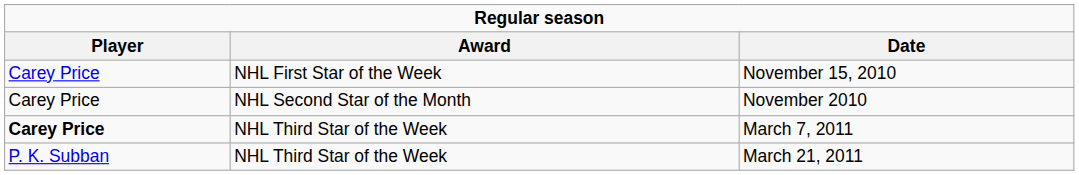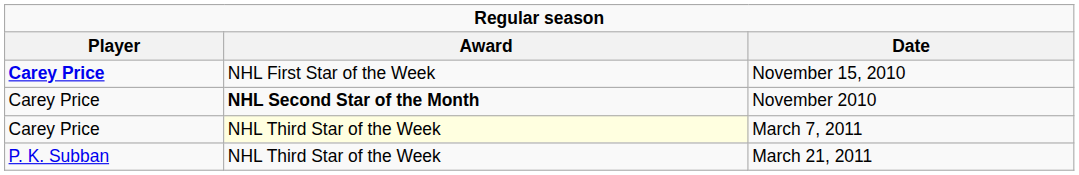 <table class="wikitable" style="width:62%;">
 <tr>
 <td colspan="10" style="text-align:center;"><strong>Regular season</strong></td>
 </tr>
 <tr>
 <th>Player</th>
 <th>Award</th>
 <th>Date</th>
 </tr>
 <tr>
-<td><a href='#'>Carey Price</a></td>
+<td><strong><a href='#'>Carey Price</a></strong></td>
 <td>NHL First Star of the Week</td>
 <td>November 15, 2010</td>
 </tr>
 <tr>
 <td>Carey Price</td>
-<td>NHL Second Star of the Month</td>
+<td><strong>NHL Second Star of the Month</strong></td>
 <td>November 2010</td>
 </tr>
 <tr>
-<td><strong>Carey Price</strong></td>
-<td>NHL Third Star of the Week</td>
+<td>Carey Price</td>
+<td style="background: lightyellow;">NHL Third Star of the Week</td>
 <td>March 7, 2011</td>
 </tr>
 <tr>
 <td><a href='#'>P. K. Subban</a></td>
 <td>NHL Third Star of the Week</td>
 <td>March 21, 2011</td>
 </tr>
 </table>
